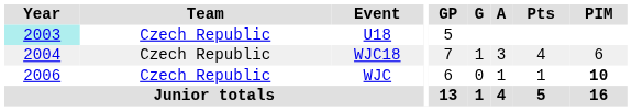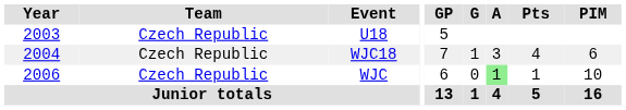 <table border="0" cellpadding="1" cellspacing="0" ID="Table3" style="text-align:center; width:40em">
 <tr ALIGN="center" bgcolor="#e0e0e0">
 <th>Year</th>
 <th>Team</th>
 <th>Event</th>
 <th rowspan="99" bgcolor="#ffffff"></th>
 <th>GP</th>
 <th>G</th>
 <th>A</th>
 <th>Pts</th>
 <th>PIM</th>
 </tr>
 <tr>
-<td style="background: paleturquoise;"><a href='#'>2003</a></td>
+<td><a href='#'>2003</a></td>
 <td><a href='#'>Czech Republic</a></td>
 <td><a href='#'>U18</a></td>
 <td>5</td>
 <td></td>
 <td></td>
 <td></td>
 <td></td>
 </tr>
 <tr bgcolor="#f0f0f0">
 <td><a href='#'>2004</a></td>
 <td>Czech Republic</td>
 <td><a href='#'>WJC18</a></td>
 <td>7</td>
 <td>1</td>
 <td>3</td>
 <td>4</td>
 <td>6</td>
 </tr>
 <tr>
 <td><a href='#'>2006</a></td>
 <td><a href='#'>Czech Republic</a></td>
 <td><a href='#'>WJC</a></td>
 <td>6</td>
 <td>0</td>
+<td style="background: lightgreen;">1</td>
 <td>1</td>
-<td>1</td>
-<td><strong>10</strong></td>
+<td>10</td>
 </tr>
 <tr bgcolor="#e0e0e0">
 <th colspan="3">Junior totals</th>
 <th>13</th>
 <th>1</th>
 <th>4</th>
 <th>5</th>
 <th>16</th>
 </tr>
 </table>
